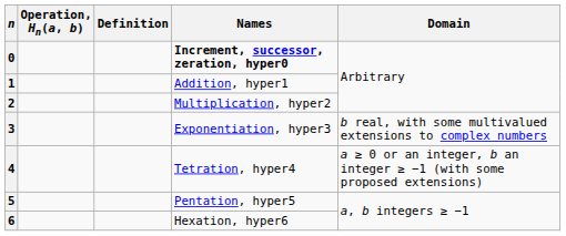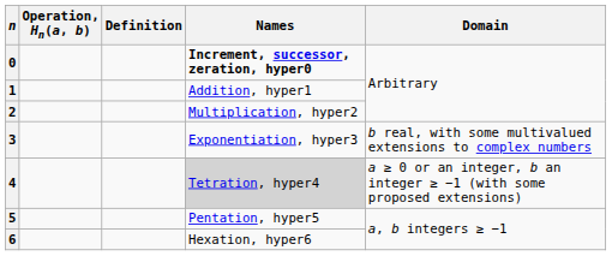 <table class="wikitable">
 <tr>
 <th><em>n</em></th>
 <th>Operation,<br><em>H<sub>n</sub></em>(<em>a</em>, <em>b</em>)</th>
 <th>Definition</th>
 <th>Names</th>
 <th>Domain</th>
 </tr>
 <tr>
 <th>0</th>
 <td></td>
 <td></td>
 <td><strong>Increment, <a href='#'>successor</a>, zeration, hyper0</strong></td>
 <td rowspan="3">Arbitrary</td>
 </tr>
 <tr>
 <th>1</th>
 <td></td>
 <td></td>
 <td><a href='#'>Addition</a>, hyper1</td>
 </tr>
 <tr>
 <th>2</th>
 <td></td>
 <td></td>
 <td><a href='#'>Multiplication</a>, hyper2</td>
 </tr>
 <tr>
 <th>3</th>
 <td></td>
 <td></td>
 <td><a href='#'>Exponentiation</a>, hyper3</td>
 <td><em>b</em> real, with some multivalued extensions to <a href='#'>complex numbers</a></td>
 </tr>
 <tr>
 <th>4</th>
 <td></td>
 <td></td>
-<td><a href='#'>Tetration</a>, hyper4</td>
+<td style="background: lightgrey;"><a href='#'>Tetration</a>, hyper4</td>
 <td><em>a</em> ≥ 0 or an integer, <em>b</em> an integer ≥ −1  (with some proposed extensions) </td>
 </tr>
 <tr>
 <th>5</th>
 <td></td>
 <td></td>
 <td><a href='#'>Pentation</a>, hyper5</td>
 <td rowspan="2"><em>a</em>, <em>b</em> integers ≥ −1 </td>
 </tr>
 <tr>
 <th>6</th>
 <td></td>
 <td></td>
 <td>Hexation, hyper6</td>
 </tr>
 </table>
